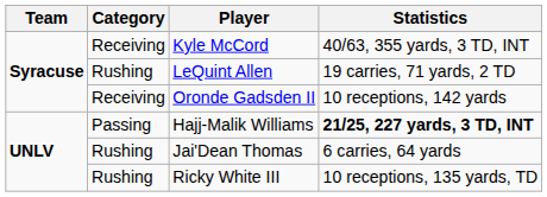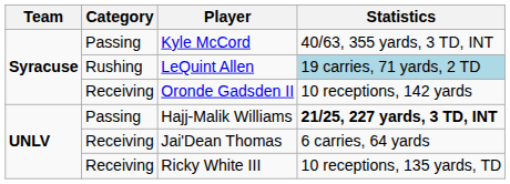 <table class="wikitable" style="float: right;">
 <tr>
 <th>Team</th>
 <th>Category</th>
 <th>Player</th>
 <th>Statistics</th>
 </tr>
 <tr>
 <td rowspan=3><strong>Syracuse</strong></td>
-<td>Receiving</td>
+<td>Passing</td>
 <td><a href='#'>Kyle McCord</a></td>
 <td>40/63, 355 yards, 3 TD, INT</td>
 </tr>
 <tr>
 <td>Rushing</td>
 <td><a href='#'>LeQuint Allen</a></td>
-<td>19 carries, 71 yards, 2 TD</td>
+<td style="background: lightblue;">19 carries, 71 yards, 2 TD</td>
 </tr>
 <tr>
 <td>Receiving</td>
 <td><a href='#'>Oronde Gadsden II</a></td>
 <td>10 receptions, 142 yards</td>
 </tr>
 <tr>
 <td rowspan=3><strong>UNLV</strong></td>
 <td>Passing</td>
 <td>Hajj-Malik Williams</td>
 <td><strong>21/25, 227 yards, 3 TD, INT</strong></td>
 </tr>
 <tr>
-<td>Rushing</td>
+<td>Receiving</td>
 <td>Jai'Dean Thomas</td>
 <td>6 carries, 64 yards</td>
 </tr>
 <tr>
-<td>Rushing</td>
+<td>Receiving</td>
 <td>Ricky White III</td>
 <td>10 receptions, 135 yards, TD</td>
 </tr>
 </table>
